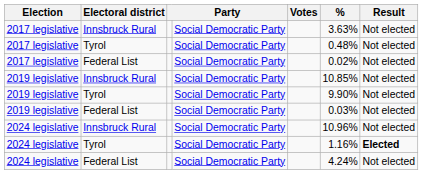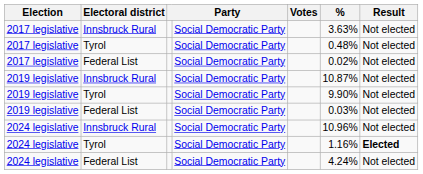 <table class="wikitable" style="text-align:left;">
 <tr>
 <th scope=col>Election</th>
 <th scope=col>Electoral district</th>
 <th scope=col colspan="2">Party</th>
 <th scope=col>Votes</th>
 <th scope=col>%</th>
 <th scope=col>Result</th>
 </tr>
 <tr>
 <td><a href='#'>2017 legislative</a></td>
 <td><a href='#'>Innsbruck Rural</a></td>
 <td style="background:"></td>
 <td><a href='#'>Social Democratic Party</a></td>
 <td align=right></td>
 <td align=right>3.63%</td>
 <td>Not elected</td>
 </tr>
 <tr>
 <td><a href='#'>2017 legislative</a></td>
 <td>Tyrol</td>
 <td style="background:"></td>
 <td><a href='#'>Social Democratic Party</a></td>
 <td align=right></td>
 <td align=right>0.48%</td>
 <td>Not elected</td>
 </tr>
 <tr>
 <td><a href='#'>2017 legislative</a></td>
 <td>Federal List</td>
 <td style="background:"></td>
 <td><a href='#'>Social Democratic Party</a></td>
 <td align=right></td>
 <td align=right>0.02%</td>
 <td>Not elected</td>
 </tr>
 <tr>
 <td><a href='#'>2019 legislative</a></td>
 <td><a href='#'>Innsbruck Rural</a></td>
 <td style="background:"></td>
 <td><a href='#'>Social Democratic Party</a></td>
 <td align=right></td>
-<td align=right>10.85%</td>
+<td align=right>10.87%</td>
 <td>Not elected</td>
 </tr>
 <tr>
 <td><a href='#'>2019 legislative</a></td>
 <td>Tyrol</td>
 <td style="background:"></td>
 <td><a href='#'>Social Democratic Party</a></td>
 <td align=right></td>
 <td align=right>9.90%</td>
 <td>Not elected</td>
 </tr>
 <tr>
 <td><a href='#'>2019 legislative</a></td>
 <td>Federal List</td>
 <td style="background:"></td>
 <td><a href='#'>Social Democratic Party</a></td>
 <td align=right></td>
 <td align=right>0.03%</td>
 <td>Not elected</td>
 </tr>
 <tr>
 <td><a href='#'>2024 legislative</a></td>
 <td><a href='#'>Innsbruck Rural</a></td>
 <td style="background:"></td>
 <td><a href='#'>Social Democratic Party</a></td>
 <td align=right></td>
 <td align=right>10.96%</td>
 <td>Not elected</td>
 </tr>
 <tr>
 <td><a href='#'>2024 legislative</a></td>
 <td>Tyrol</td>
 <td style="background:"></td>
 <td><a href='#'>Social Democratic Party</a></td>
 <td align=right></td>
 <td align=right>1.16%</td>
 <td><strong>Elected</strong></td>
 </tr>
 <tr>
 <td><a href='#'>2024 legislative</a></td>
 <td>Federal List</td>
 <td style="background:"></td>
 <td><a href='#'>Social Democratic Party</a></td>
 <td align=right></td>
 <td align=right>4.24%</td>
 <td>Not elected</td>
 </tr>
 </table>
